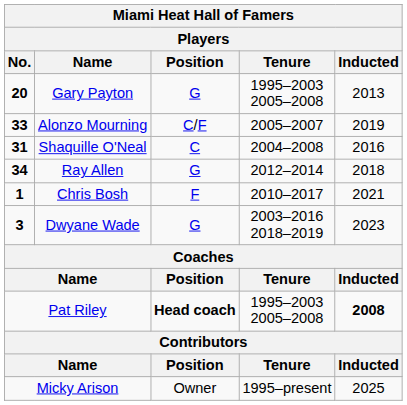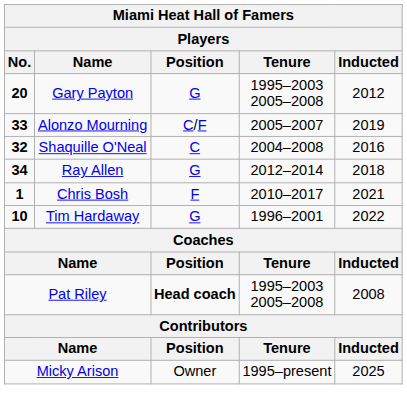 <table class="wikitable" style="text-align:center;">
 <tr>
 <th colspan="5">Miami Heat Hall of Famers</th>
 </tr>
 <tr>
 <th colspan="5">Players</th>
 </tr>
 <tr>
 <th>No.</th>
 <th>Name</th>
 <th>Position</th>
 <th>Tenure</th>
 <th>Inducted</th>
 </tr>
 <tr>
 <td><strong>20</strong></td>
 <td><a href='#'>Gary Payton</a></td>
 <td><a href='#'>G</a></td>
 <td>1995–2003<br>2005–2008</td>
-<td>2013</td>
+<td>2012</td>
 </tr>
 <tr>
 <td><strong>33</strong></td>
 <td><a href='#'>Alonzo Mourning</a></td>
 <td><a href='#'>C</a>/<a href='#'>F</a></td>
 <td>2005–2007</td>
 <td>2019</td>
 </tr>
 <tr>
-<td><strong>31</strong></td>
+<td><strong>32</strong></td>
 <td><a href='#'>Shaquille O'Neal</a></td>
 <td><a href='#'>C</a></td>
 <td>2004–2008</td>
 <td>2016</td>
 </tr>
 <tr>
 <td><strong>34</strong></td>
 <td><a href='#'>Ray Allen</a></td>
 <td><a href='#'>G</a></td>
 <td>2012–2014</td>
 <td>2018</td>
 </tr>
 <tr>
 <td><strong>1</strong></td>
 <td><a href='#'>Chris Bosh</a></td>
 <td><a href='#'>F</a></td>
 <td>2010–2017</td>
 <td>2021</td>
 </tr>
 <tr>
-<td><strong>3</strong></td>
-<td><a href='#'>Dwyane Wade</a></td>
+<td><strong>10</strong></td>
+<td><a href='#'>Tim Hardaway</a></td>
 <td><a href='#'>G</a></td>
-<td>2003–2016<br>2018–2019</td>
-<td>2023</td>
+<td>1996–2001</td>
+<td>2022</td>
 </tr>
 <tr>
 <th colspan="5">Coaches</th>
 </tr>
 <tr>
 <th colspan="2">Name</th>
 <th>Position</th>
 <th>Tenure</th>
 <th>Inducted</th>
 </tr>
 <tr>
 <td colspan="2"><a href='#'>Pat Riley</a></td>
 <td><strong>Head coach</strong></td>
 <td>1995–2003<br>2005–2008</td>
-<td><strong>2008</strong></td>
+<td>2008</td>
 </tr>
 <tr>
 <th colspan="5">Contributors</th>
 </tr>
 <tr>
 <th colspan="2">Name</th>
 <th>Position</th>
 <th>Tenure</th>
 <th>Inducted</th>
 </tr>
 <tr>
 <td colspan="2"><a href='#'>Micky Arison</a></td>
 <td>Owner</td>
 <td>1995–present</td>
 <td>2025</td>
 </tr>
 </table>
